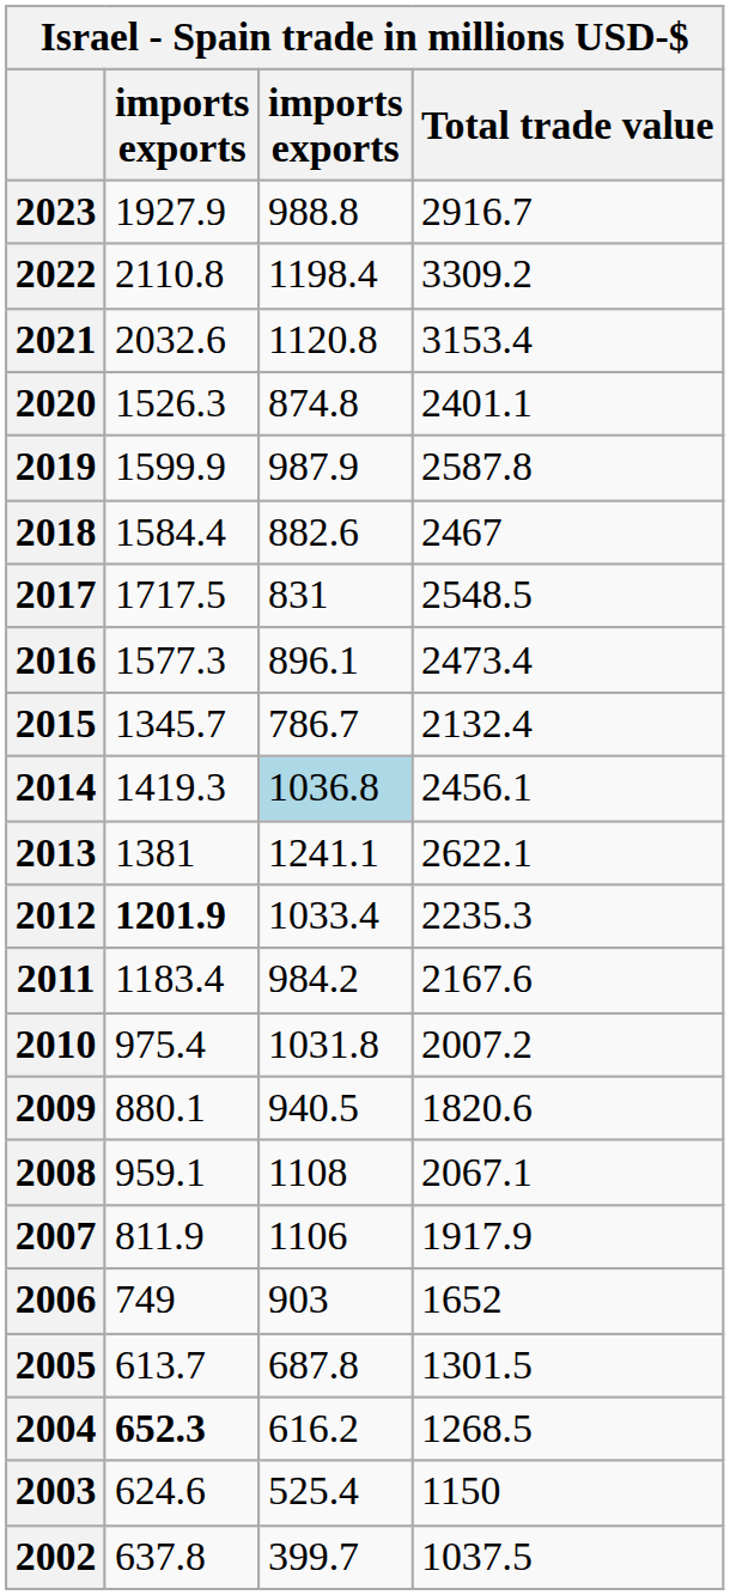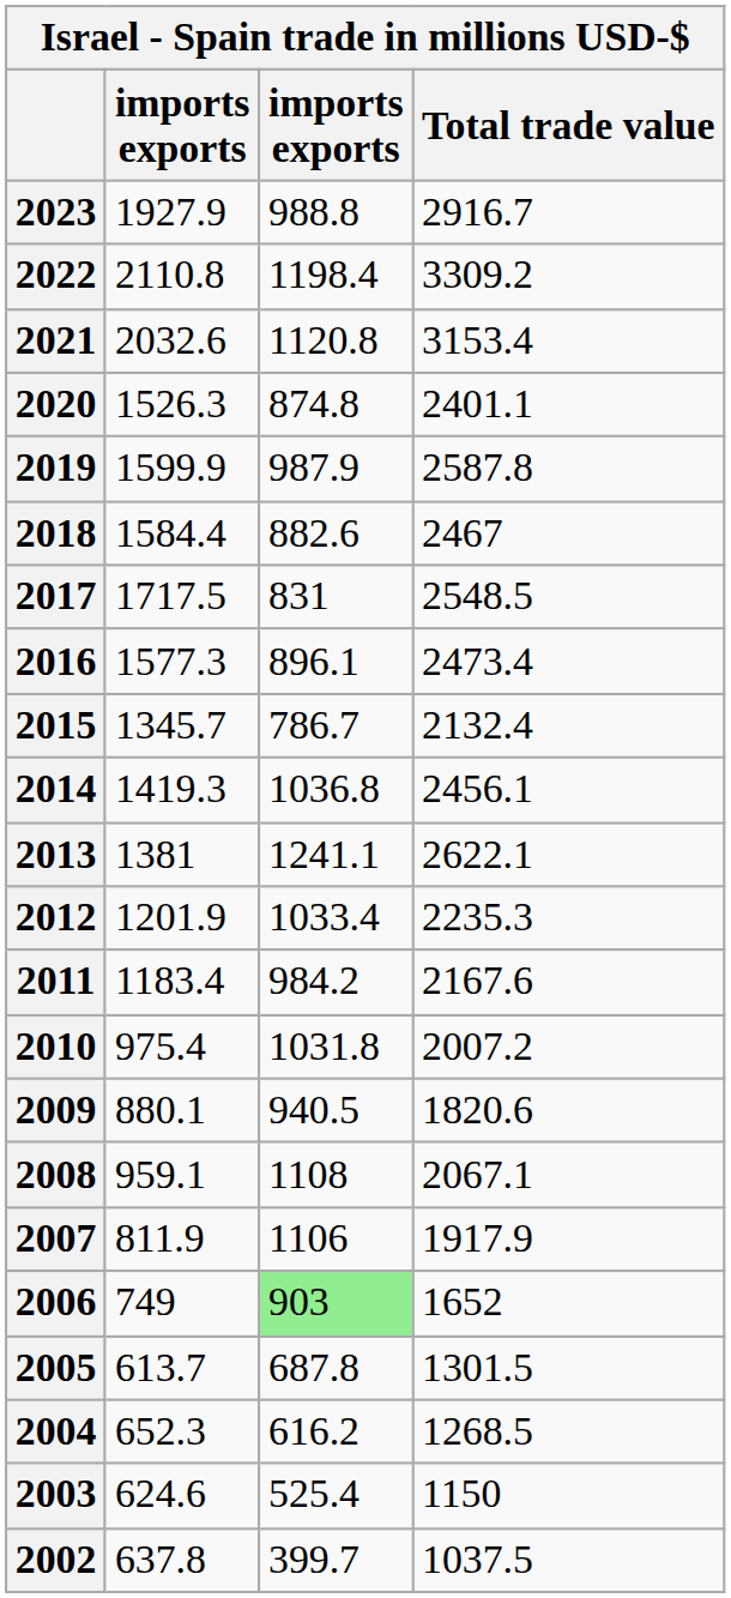 <table class="wikitable mw-collapsible mw-collapsed">
 <tr>
 <th colspan="4">Israel - Spain trade in millions USD-$</th>
 </tr>
 <tr>
 <th></th>
 <th> imports<br> exports</th>
 <th> imports<br> exports</th>
 <th>Total trade value</th>
 </tr>
 <tr>
 <th>2023</th>
 <td>1927.9</td>
 <td>988.8</td>
 <td>2916.7</td>
 </tr>
 <tr>
 <th>2022</th>
 <td>2110.8</td>
 <td>1198.4</td>
 <td>3309.2</td>
 </tr>
 <tr>
 <th>2021</th>
 <td>2032.6</td>
 <td>1120.8</td>
 <td>3153.4</td>
 </tr>
 <tr>
 <th>2020</th>
 <td>1526.3</td>
 <td>874.8</td>
 <td>2401.1</td>
 </tr>
 <tr>
 <th>2019</th>
 <td>1599.9</td>
 <td>987.9</td>
 <td>2587.8</td>
 </tr>
 <tr>
 <th>2018</th>
 <td>1584.4</td>
 <td>882.6</td>
 <td>2467</td>
 </tr>
 <tr>
 <th>2017</th>
 <td>1717.5</td>
 <td>831</td>
 <td>2548.5</td>
 </tr>
 <tr>
 <th>2016</th>
 <td>1577.3</td>
 <td>896.1</td>
 <td>2473.4</td>
 </tr>
 <tr>
 <th>2015</th>
 <td>1345.7</td>
 <td>786.7</td>
 <td>2132.4</td>
 </tr>
 <tr>
 <th>2014</th>
 <td>1419.3</td>
-<td style="background: lightblue;">1036.8</td>
+<td>1036.8</td>
 <td>2456.1</td>
 </tr>
 <tr>
 <th>2013</th>
 <td>1381</td>
 <td>1241.1</td>
 <td>2622.1</td>
 </tr>
 <tr>
 <th>2012</th>
-<td><strong>1201.9</strong></td>
+<td>1201.9</td>
 <td>1033.4</td>
 <td>2235.3</td>
 </tr>
 <tr>
 <th>2011</th>
 <td>1183.4</td>
 <td>984.2</td>
 <td>2167.6</td>
 </tr>
 <tr>
 <th>2010</th>
 <td>975.4</td>
 <td>1031.8</td>
 <td>2007.2</td>
 </tr>
 <tr>
 <th>2009</th>
 <td>880.1</td>
 <td>940.5</td>
 <td>1820.6</td>
 </tr>
 <tr>
 <th>2008</th>
 <td>959.1</td>
 <td>1108</td>
 <td>2067.1</td>
 </tr>
 <tr>
 <th>2007</th>
 <td>811.9</td>
 <td>1106</td>
 <td>1917.9</td>
 </tr>
 <tr>
 <th>2006</th>
 <td>749</td>
-<td>903</td>
+<td style="background: lightgreen;">903</td>
 <td>1652</td>
 </tr>
 <tr>
 <th>2005</th>
 <td>613.7</td>
 <td>687.8</td>
 <td>1301.5</td>
 </tr>
 <tr>
 <th>2004</th>
-<td><strong>652.3</strong></td>
+<td>652.3</td>
 <td>616.2</td>
 <td>1268.5</td>
 </tr>
 <tr>
 <th>2003</th>
 <td>624.6</td>
 <td>525.4</td>
 <td>1150</td>
 </tr>
 <tr>
 <th>2002</th>
 <td>637.8</td>
 <td>399.7</td>
 <td>1037.5</td>
 </tr>
 </table>
